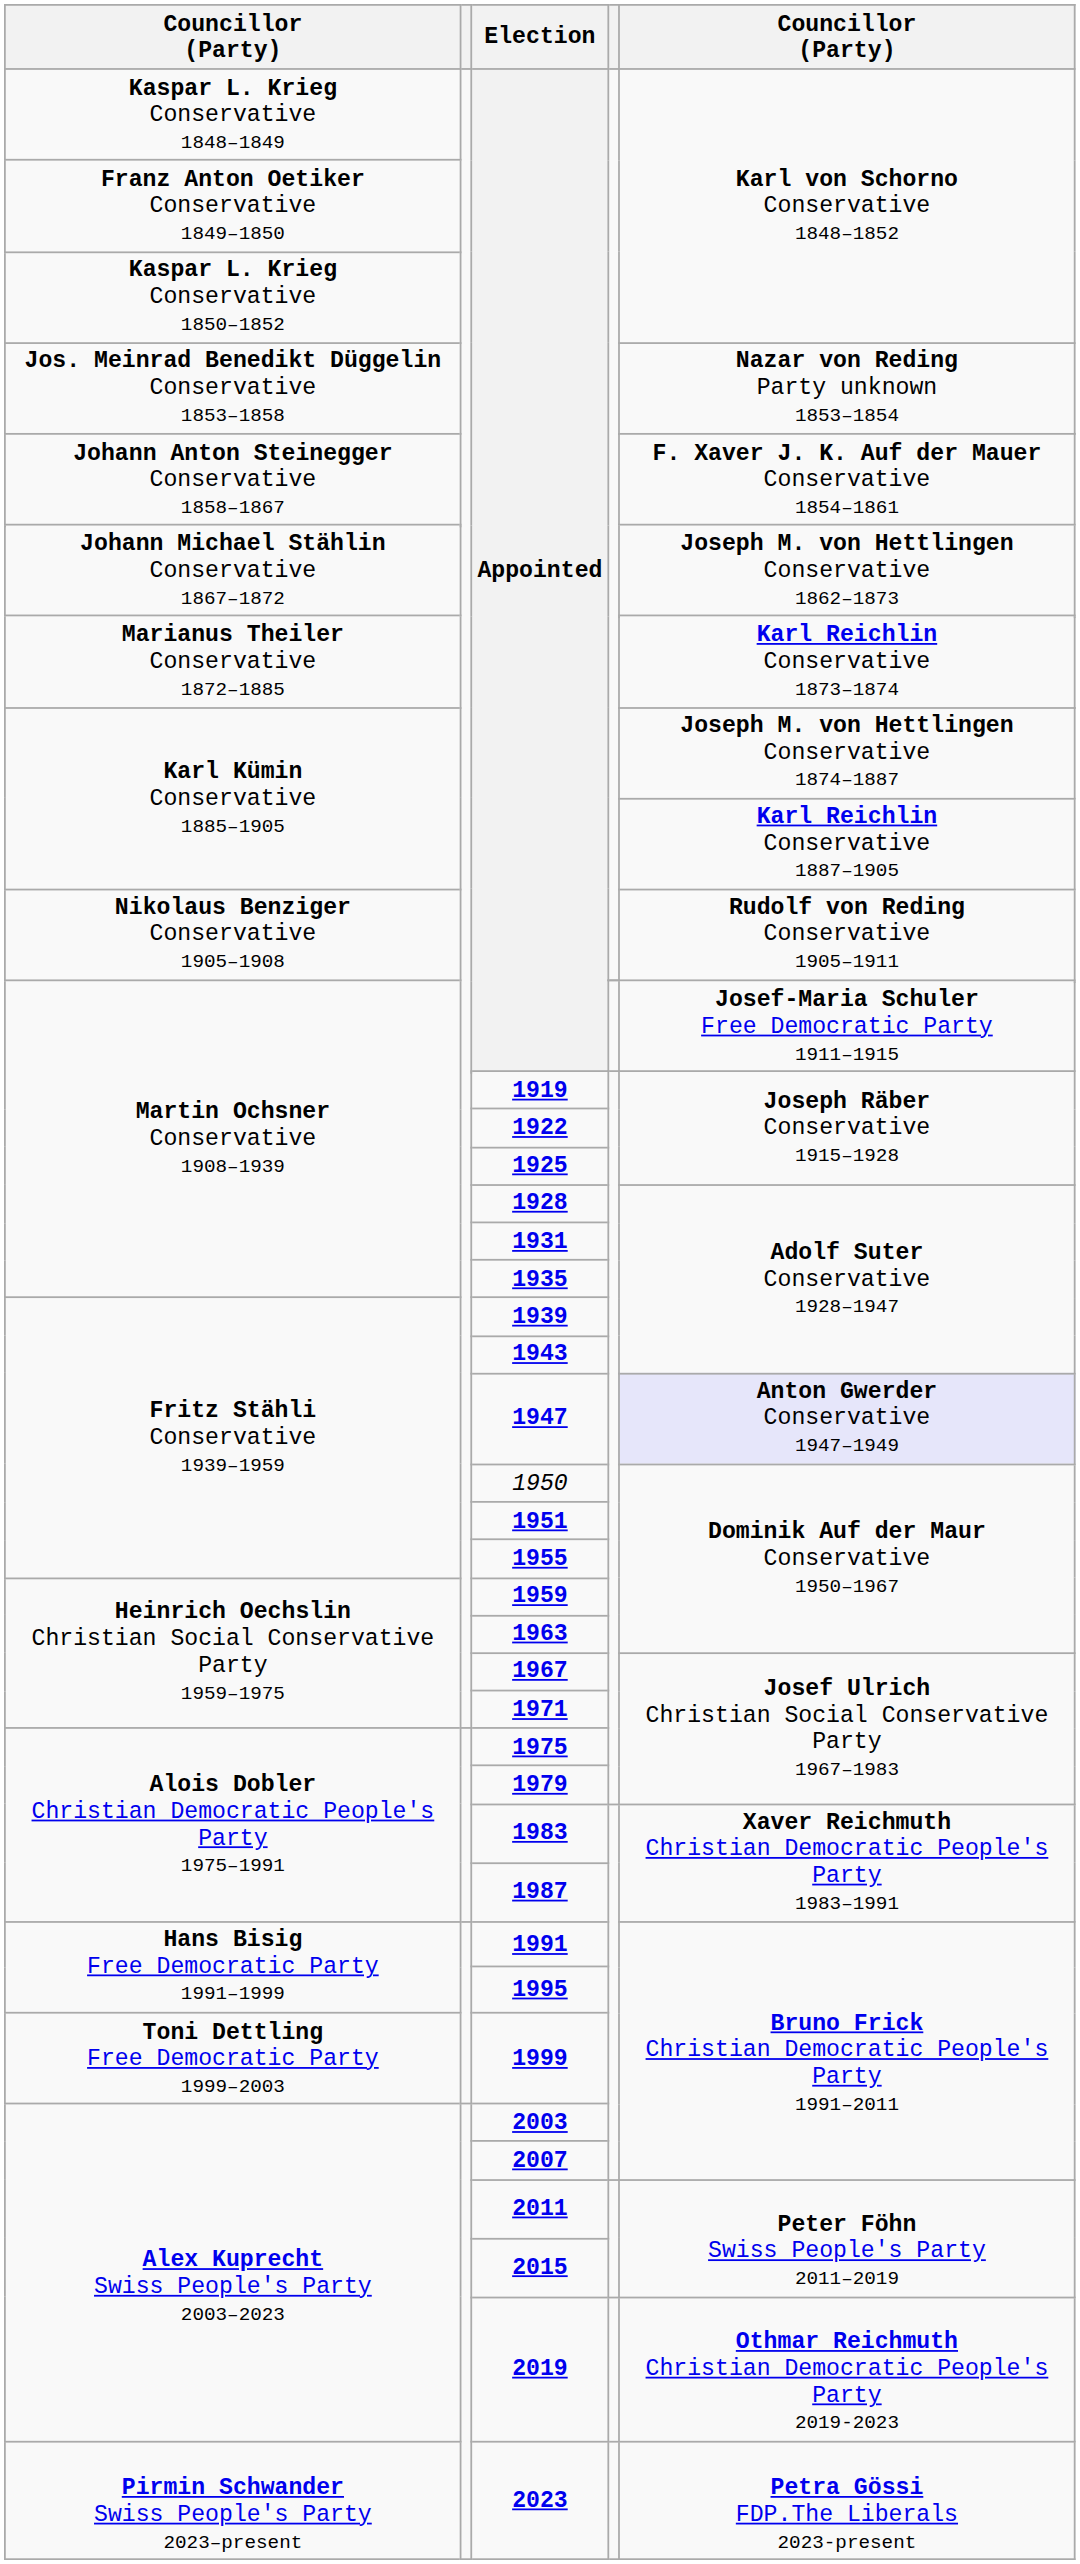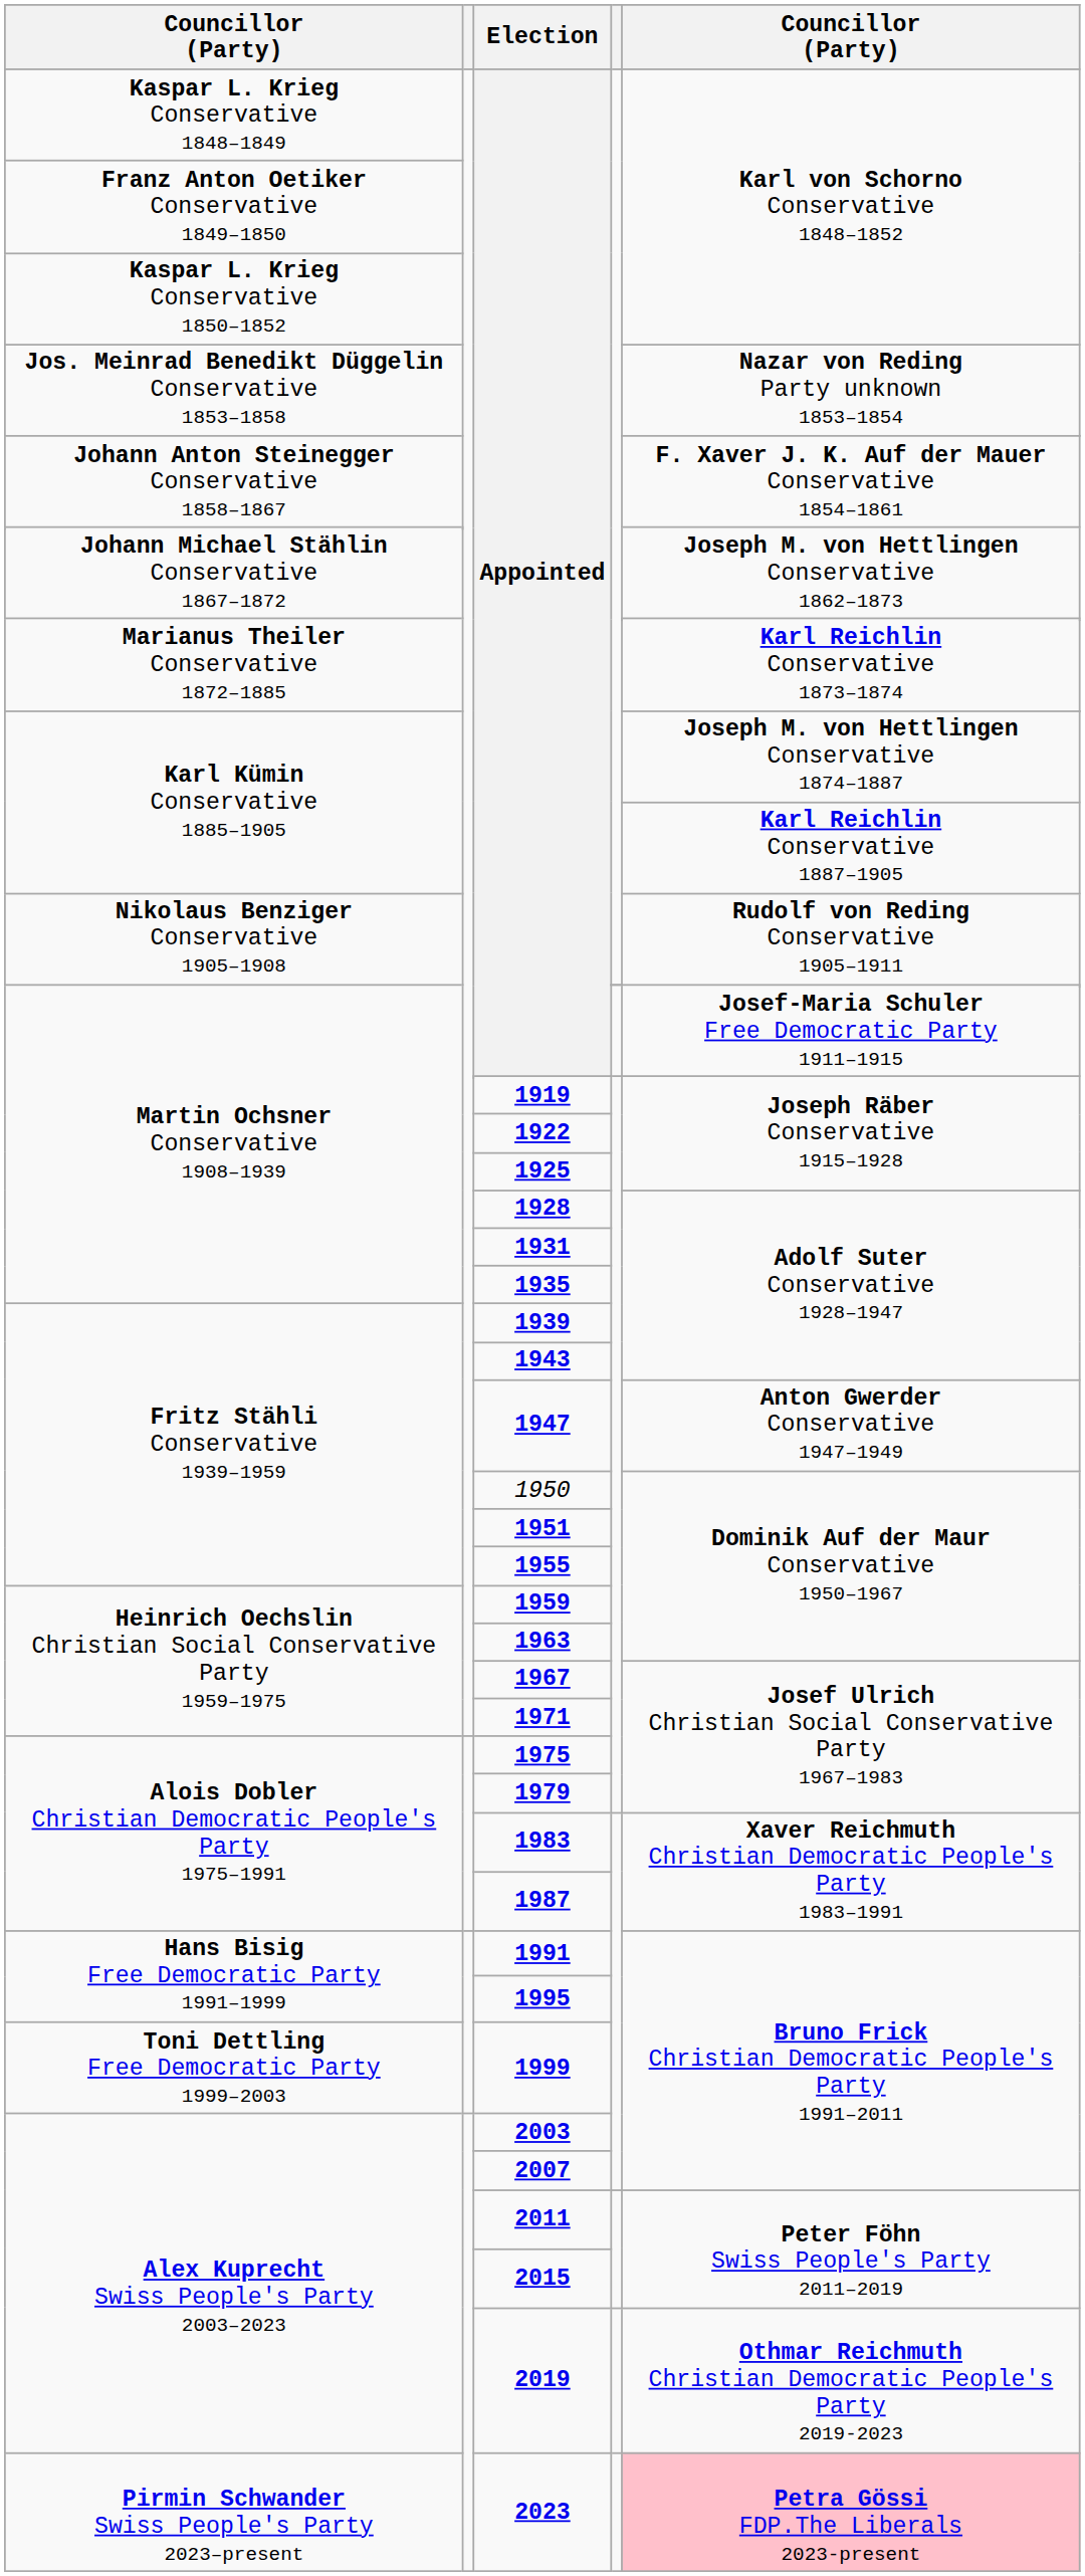 <table class="wikitable" style="text-align:center">
 <tr>
 <th scope="col" width="250" colspan = "1">Councillor<br> (Party)</th>
 <th></th>
 <th>Election</th>
 <th></th>
 <th scope="col" width="250" colspan = "1">Councillor<br> (Party)</th>
 </tr>
 <tr>
 <td rowspan=1><strong>Kaspar L. Krieg</strong><br>Conservative<br><small>1848–1849</small></td>
 <td rowspan=33; style="background-color: "></td>
 <th rowspan=17>Appointed</th>
 <td rowspan=14; style="background-color: "></td>
 <td rowspan=3><strong>Karl von Schorno</strong><br>Conservative<br><small>1848–1852</small></td>
 </tr>
 <tr>
 <td rowspan=1><strong>Franz Anton Oetiker</strong><br>Conservative<br><small>1849–1850</small></td>
 </tr>
 <tr>
 <td rowspan=1><strong>Kaspar L. Krieg</strong><br>Conservative<br><small>1850–1852</small></td>
 </tr>
 <tr>
 <td rowspan=2><strong>Jos. Meinrad Benedikt Düggelin</strong><br>Conservative<br><small>1853–1858</small></td>
 <td rowspan=1><strong>Nazar von Reding</strong><br>Party unknown<br><small>1853–1854</small></td>
 </tr>
 <tr>
 <td rowspan=2><strong>F. Xaver J. K. Auf der Mauer</strong><br>Conservative<br><small>1854–1861</small></td>
 </tr>
 <tr>
 <td rowspan=2><strong>Johann Anton Steinegger</strong><br>Conservative<br><small>1858–1867</small></td>
 </tr>
 <tr>
 <td rowspan=3><strong>Joseph M. von Hettlingen</strong><br>Conservative<br><small>1862–1873</small></td>
 </tr>
 <tr>
 <td rowspan=1><strong>Johann Michael Stählin</strong><br>Conservative<br><small>1867–1872</small></td>
 </tr>
 <tr>
 <td rowspan=3><strong>Marianus Theiler</strong><br>Conservative<br><small>1872–1885</small></td>
 </tr>
 <tr>
 <td rowspan=1><strong><a href='#'>Karl Reichlin</a></strong><br>Conservative<br><small>1873–1874</small></td>
 </tr>
 <tr>
 <td rowspan=2><strong>Joseph M. von Hettlingen</strong><br>Conservative<br><small>1874–1887</small></td>
 </tr>
 <tr>
 <td rowspan=2><strong>Karl Kümin</strong><br>Conservative<br><small>1885–1905</small></td>
 </tr>
 <tr>
 <td rowspan=1><strong><a href='#'>Karl Reichlin</a></strong><br>Conservative<br><small>1887–1905</small></td>
 </tr>
 <tr>
 <td rowspan=1><strong>Nikolaus Benziger</strong><br>Conservative<br><small>1905–1908</small></td>
 <td rowspan=2><strong>Rudolf von Reding</strong><br>Conservative<br><small>1905–1911</small></td>
 </tr>
 <tr>
 <td rowspan=9><strong>Martin Ochsner</strong><br>Conservative<br><small>1908–1939</small></td>
 </tr>
 <tr>
 <td rowspan=1; style="background-color: "></td>
 <td rowspan=1><strong>Josef-Maria Schuler</strong><br><a href='#'>Free Democratic Party</a><br><small>1911–1915</small></td>
 </tr>
 <tr>
 <td rowspan=19; style="background-color: "></td>
 <td rowspan=4><strong>Joseph Räber</strong><br>Conservative<br><small>1915–1928</small></td>
 </tr>
 <tr>
 <td><strong><a href='#'>1919</a></strong></td>
 </tr>
 <tr>
 <td><strong><a href='#'>1922</a></strong></td>
 </tr>
 <tr>
 <td><strong><a href='#'>1925</a></strong></td>
 </tr>
 <tr>
 <td><strong><a href='#'>1928</a></strong></td>
 <td rowspan=5><strong>Adolf Suter</strong><br>Conservative<br><small>1928–1947</small></td>
 </tr>
 <tr>
 <td><strong><a href='#'>1931</a></strong></td>
 </tr>
 <tr>
 <td><strong><a href='#'>1935</a></strong></td>
 </tr>
 <tr>
 <td rowspan=6><strong>Fritz Stähli</strong><br>Conservative<br><small>1939–1959</small></td>
 <td><strong><a href='#'>1939</a></strong></td>
 </tr>
 <tr>
 <td><strong><a href='#'>1943</a></strong></td>
 </tr>
 <tr>
 <td><strong><a href='#'>1947</a></strong></td>
-<td rowspan=1 style="background: lavender;"><strong>Anton Gwerder</strong><br>Conservative<br><small>1947–1949</small></td>
+<td rowspan=1><strong>Anton Gwerder</strong><br>Conservative<br><small>1947–1949</small></td>
 </tr>
 <tr>
 <td><em>1950</em></td>
 <td rowspan=5><strong>Dominik Auf der Maur</strong><br>Conservative<br><small>1950–1967</small></td>
 </tr>
 <tr>
 <td><strong><a href='#'>1951</a></strong></td>
 </tr>
 <tr>
 <td><strong><a href='#'>1955</a></strong></td>
 </tr>
 <tr>
 <td rowspan=4><strong>Heinrich Oechslin</strong><br>Christian Social Conservative Party<br><small>1959–1975</small></td>
 <td><strong><a href='#'>1959</a></strong></td>
 </tr>
 <tr>
 <td><strong><a href='#'>1963</a></strong></td>
 </tr>
 <tr>
 <td><strong><a href='#'>1967</a></strong></td>
 <td rowspan=4><strong>Josef Ulrich</strong><br>Christian Social Conservative Party<br><small>1967–1983</small></td>
 </tr>
 <tr>
 <td><strong><a href='#'>1971</a></strong></td>
 </tr>
 <tr>
 <td rowspan=4><strong>Alois Dobler</strong><br><a href='#'>Christian Democratic People's Party</a><br><small>1975–1991</small></td>
 <td rowspan=4; style="background-color: "></td>
 <td><strong><a href='#'>1975</a></strong></td>
 </tr>
 <tr>
 <td><strong><a href='#'>1979</a></strong></td>
 </tr>
 <tr>
 <td><strong><a href='#'>1983</a></strong></td>
 <td rowspan=7; style="background-color: "></td>
 <td rowspan=2><strong>Xaver Reichmuth</strong><br><a href='#'>Christian Democratic People's Party</a><br><small>1983–1991</small></td>
 </tr>
 <tr>
 <td><strong><a href='#'>1987</a></strong></td>
 </tr>
 <tr>
 <td rowspan=2><strong>Hans Bisig</strong><br><a href='#'>Free Democratic Party</a><br><small>1991–1999</small></td>
 <td rowspan=3; style="background-color: "></td>
 <td><strong><a href='#'>1991</a></strong></td>
 <td rowspan=5><br><strong><a href='#'>Bruno Frick</a></strong><br><a href='#'>Christian Democratic People's Party</a><br><small>1991–2011</small></td>
 </tr>
 <tr>
 <td><strong><a href='#'>1995</a></strong></td>
 </tr>
 <tr>
 <td rowspan=1><strong>Toni Dettling</strong><br><a href='#'>Free Democratic Party</a><br><small>1999–2003</small></td>
 <td><strong><a href='#'>1999</a></strong></td>
 </tr>
 <tr>
 <td rowspan=5><br><strong><a href='#'>Alex Kuprecht</a></strong><br><a href='#'>Swiss People's Party</a><br><small>2003–2023</small></td>
 <td rowspan=6; style="background-color: "></td>
 <td><strong><a href='#'>2003</a></strong></td>
 </tr>
 <tr>
 <td><strong><a href='#'>2007</a></strong></td>
 </tr>
 <tr>
 <td><strong><a href='#'>2011</a></strong></td>
 <td rowspan=2; style="background-color: "></td>
 <td rowspan=2><br><strong>Peter Föhn</strong><br><a href='#'>Swiss People's Party</a><br><small>2011–2019</small></td>
 </tr>
 <tr>
 <td><strong><a href='#'>2015</a></strong></td>
 </tr>
 <tr>
 <td><strong><a href='#'>2019</a></strong></td>
 <td rowspan=1; style="background-color: "></td>
 <td rowspan=1><br><strong><a href='#'>Othmar Reichmuth</a></strong><br><a href='#'>Christian Democratic People's Party</a><br><small>2019-2023</small></td>
 </tr>
 <tr>
 <td rowspan=1><br><strong><a href='#'>Pirmin Schwander</a></strong><br><a href='#'>Swiss People's Party</a><br><small>2023–present</small></td>
 <td><strong><a href='#'>2023</a></strong></td>
 <td rowspan=1; style="background-color: "></td>
-<td rowspan=1><br><strong><a href='#'>Petra Gössi</a></strong><br><a href='#'>FDP.The Liberals</a><br><small>2023-present</small></td>
+<td rowspan=1 style="background: pink;"><br><strong><a href='#'>Petra Gössi</a></strong><br><a href='#'>FDP.The Liberals</a><br><small>2023-present</small></td>
 </tr>
 </table>
